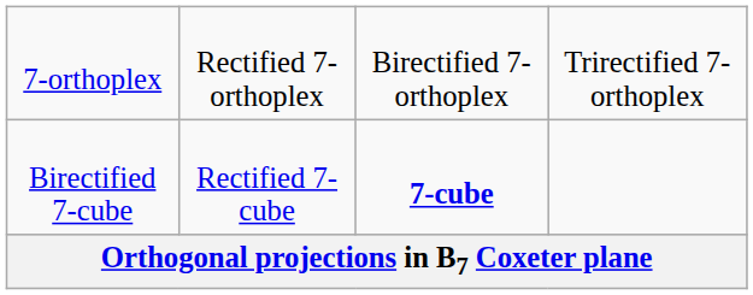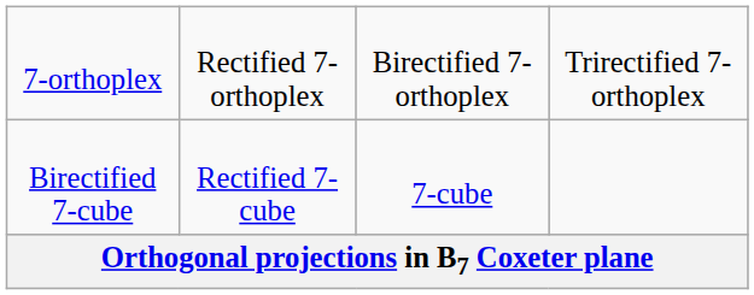 <table class=wikitable style="float:right; margin-left:8px; width:400px">
 <tr align=center>
 <td><br><a href='#'>7-orthoplex</a><br></td>
 <td><br>Rectified 7-orthoplex<br></td>
 <td><br>Birectified 7-orthoplex<br></td>
 <td><br>Trirectified 7-orthoplex<br></td>
 </tr>
 <tr align=center>
 <td><br><a href='#'>Birectified 7-cube</a><br></td>
 <td><br><a href='#'>Rectified 7-cube</a><br></td>
-<td><strong><br><a href='#'>7-cube</a><br></strong></td>
+<td><br><a href='#'>7-cube</a><br></td>
 </tr>
 <tr>
 <th colspan=4><a href='#'>Orthogonal projections</a> in B<sub>7</sub> <a href='#'>Coxeter plane</a></th>
 </tr>
 </table>
